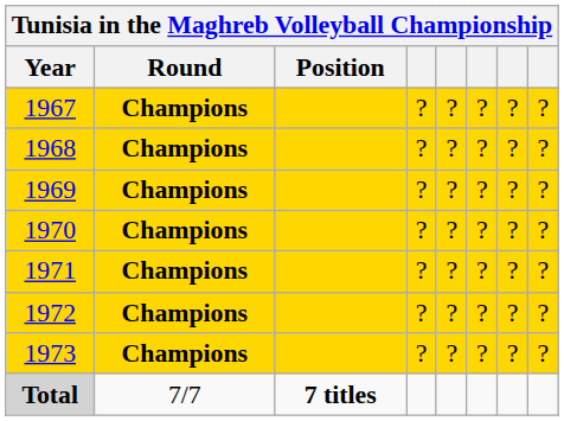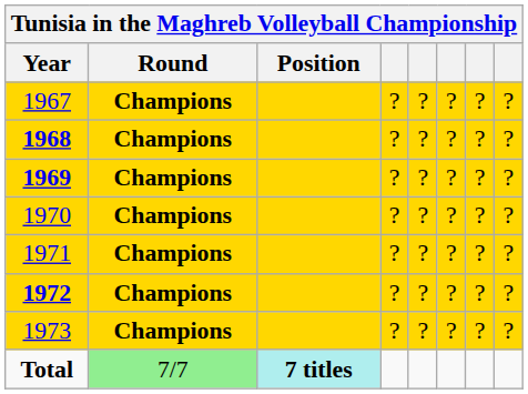 <table class="wikitable" style="text-align: center;">
 <tr>
 <th colspan=10>Tunisia in the <a href='#'>Maghreb Volleyball Championship</a></th>
 </tr>
 <tr>
 <th>Year</th>
 <th>Round</th>
 <th>Position</th>
 <th></th>
 <th></th>
 <th></th>
 <th></th>
 <th></th>
 </tr>
 <tr style="background:gold;">
 <td> <a href='#'>1967</a></td>
 <td><strong>Champions</strong></td>
 <td></td>
 <td>?</td>
 <td>?</td>
 <td>?</td>
 <td>?</td>
 <td>?</td>
 </tr>
 <tr style="background:gold;">
-<td> <a href='#'>1968</a></td>
+<td><strong> <a href='#'>1968</a></strong></td>
 <td><strong>Champions</strong></td>
 <td></td>
 <td>?</td>
 <td>?</td>
 <td>?</td>
 <td>?</td>
 <td>?</td>
 </tr>
 <tr style="background:gold;">
-<td> <a href='#'>1969</a></td>
+<td><strong> <a href='#'>1969</a></strong></td>
 <td><strong>Champions</strong></td>
 <td></td>
 <td>?</td>
 <td>?</td>
 <td>?</td>
 <td>?</td>
 <td>?</td>
 </tr>
 <tr style="background:gold;">
 <td> <a href='#'>1970</a></td>
 <td><strong>Champions</strong></td>
 <td></td>
 <td>?</td>
 <td>?</td>
 <td>?</td>
 <td>?</td>
 <td>?</td>
 </tr>
 <tr style="background:gold;">
 <td> <a href='#'>1971</a></td>
 <td><strong>Champions</strong></td>
 <td></td>
 <td>?</td>
 <td>?</td>
 <td>?</td>
 <td>?</td>
 <td>?</td>
 </tr>
 <tr style="background:gold;">
-<td> <a href='#'>1972</a></td>
+<td><strong> <a href='#'>1972</a></strong></td>
 <td><strong>Champions</strong></td>
 <td></td>
 <td>?</td>
 <td>?</td>
 <td>?</td>
 <td>?</td>
 <td>?</td>
 </tr>
 <tr style="background:gold;">
 <td> <a href='#'>1973</a></td>
 <td><strong>Champions</strong></td>
 <td></td>
 <td>?</td>
 <td>?</td>
 <td>?</td>
 <td>?</td>
 <td>?</td>
 </tr>
 <tr>
-<td style="background: lightgrey;"><strong>Total</strong></td>
-<td>7/7</td>
-<td><strong>7 titles</strong></td>
+<td><strong>Total</strong></td>
+<td style="background: lightgreen;">7/7</td>
+<td style="background: paleturquoise;"><strong>7 titles</strong></td>
 <td></td>
 <td></td>
 <td></td>
 <td></td>
 <td></td>
 </tr>
 </table>
